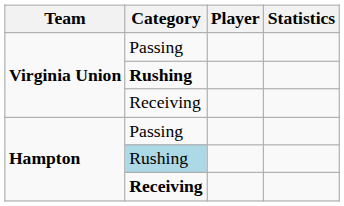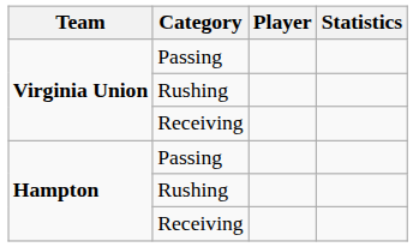 <table class="wikitable" style="float: right;">
 <tr>
 <th>Team</th>
 <th>Category</th>
 <th>Player</th>
 <th>Statistics</th>
 </tr>
 <tr>
 <td rowspan=3><strong>Virginia Union</strong></td>
 <td>Passing</td>
 <td></td>
 <td></td>
 </tr>
 <tr>
-<td><strong>Rushing</strong></td>
+<td>Rushing</td>
 <td></td>
 <td></td>
 </tr>
 <tr>
 <td>Receiving</td>
 <td></td>
 <td></td>
 </tr>
 <tr>
 <td rowspan=3><strong>Hampton</strong></td>
 <td>Passing</td>
 <td></td>
 <td></td>
 </tr>
 <tr>
-<td style="background: lightblue;">Rushing</td>
+<td>Rushing</td>
 <td></td>
 <td></td>
 </tr>
 <tr>
-<td><strong>Receiving</strong></td>
+<td>Receiving</td>
 <td></td>
 <td></td>
 </tr>
 </table>
